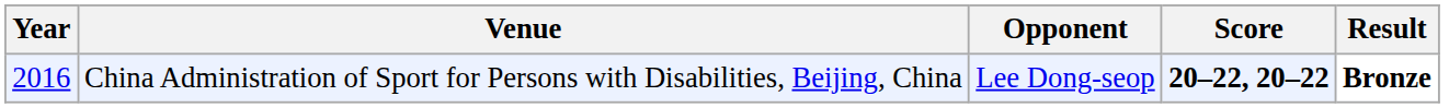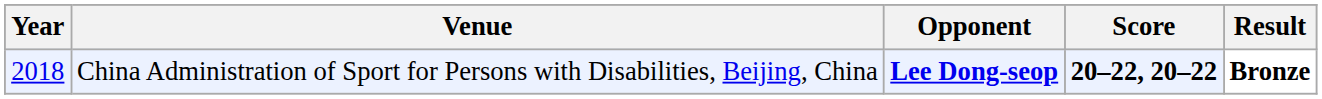 <table class="sortable wikitable" style="font-size: 90%;">
 <tr>
 <th>Year</th>
 <th>Venue</th>
 <th>Opponent</th>
 <th>Score</th>
 <th>Result</th>
 </tr>
 <tr style="background:#ECF2FF">
-<td align="center"><a href='#'>2016</a></td>
+<td align="center"><a href='#'>2018</a></td>
 <td align="left">China Administration of Sport for Persons with Disabilities, <a href='#'>Beijing</a>, China</td>
-<td align="left"> <a href='#'>Lee Dong-seop</a></td>
+<td align="left"><strong> <a href='#'>Lee Dong-seop</a></strong></td>
 <td align="left"><strong>20–22, 20–22</strong></td>
 <td style="text-align:left; background:white"> <strong>Bronze</strong></td>
 </tr>
 </table>
